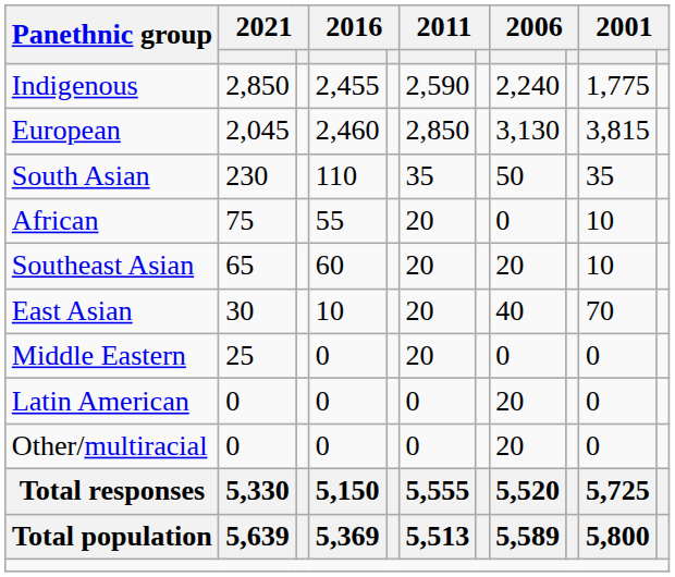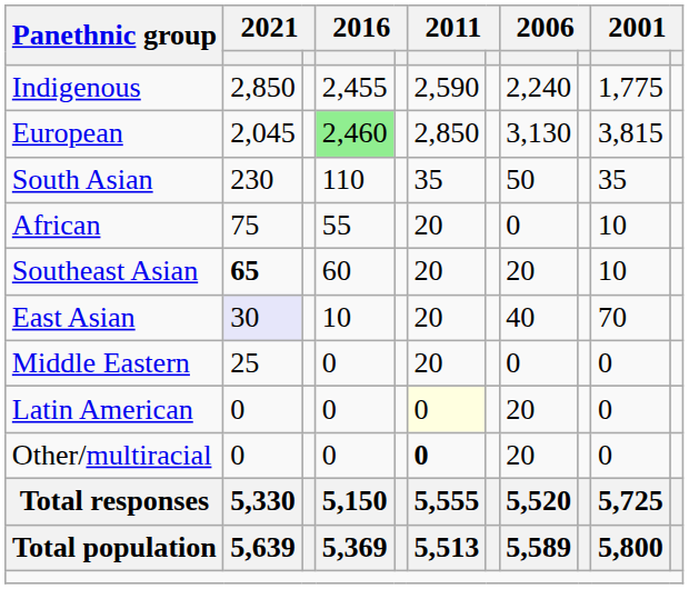 <table class="wikitable collapsible sortable">
 <tr>
 <th rowspan="2"><a href='#'>Panethnic</a> group</th>
 <th colspan="2">2021</th>
 <th colspan="2">2016</th>
 <th colspan="2">2011</th>
 <th colspan="2">2006</th>
 <th colspan="2">2001</th>
 </tr>
 <tr>
 <th><a href='#'></a></th>
 <th></th>
 <th></th>
 <th></th>
 <th></th>
 <th></th>
 <th></th>
 <th></th>
 <th></th>
 <th></th>
 </tr>
 <tr>
 <td><a href='#'>Indigenous</a></td>
 <td>2,850</td>
 <td></td>
 <td>2,455</td>
 <td></td>
 <td>2,590</td>
 <td></td>
 <td>2,240</td>
 <td></td>
 <td>1,775</td>
 <td></td>
 </tr>
 <tr>
 <td><a href='#'>European</a></td>
 <td>2,045</td>
 <td></td>
-<td>2,460</td>
+<td style="background: lightgreen;">2,460</td>
 <td></td>
 <td>2,850</td>
 <td></td>
 <td>3,130</td>
 <td></td>
 <td>3,815</td>
 <td></td>
 </tr>
 <tr>
 <td><a href='#'>South Asian</a></td>
 <td>230</td>
 <td></td>
 <td>110</td>
 <td></td>
 <td>35</td>
 <td></td>
 <td>50</td>
 <td></td>
 <td>35</td>
 <td></td>
 </tr>
 <tr>
 <td><a href='#'>African</a></td>
 <td>75</td>
 <td></td>
 <td>55</td>
 <td></td>
 <td>20</td>
 <td></td>
 <td>0</td>
 <td></td>
 <td>10</td>
 <td></td>
 </tr>
 <tr>
 <td><a href='#'>Southeast Asian</a></td>
-<td>65</td>
+<td><strong>65</strong></td>
 <td></td>
 <td>60</td>
 <td></td>
 <td>20</td>
 <td></td>
 <td>20</td>
 <td></td>
 <td>10</td>
 <td></td>
 </tr>
 <tr>
 <td><a href='#'>East Asian</a></td>
-<td>30</td>
+<td style="background: lavender;">30</td>
 <td></td>
 <td>10</td>
 <td></td>
 <td>20</td>
 <td></td>
 <td>40</td>
 <td></td>
 <td>70</td>
 <td></td>
 </tr>
 <tr>
 <td><a href='#'>Middle Eastern</a></td>
 <td>25</td>
 <td></td>
 <td>0</td>
 <td></td>
 <td>20</td>
 <td></td>
 <td>0</td>
 <td></td>
 <td>0</td>
 <td></td>
 </tr>
 <tr>
 <td><a href='#'>Latin American</a></td>
 <td>0</td>
 <td></td>
 <td>0</td>
 <td></td>
-<td>0</td>
+<td style="background: lightyellow;">0</td>
 <td></td>
 <td>20</td>
 <td></td>
 <td>0</td>
 <td></td>
 </tr>
 <tr>
 <td>Other/<a href='#'>multiracial</a></td>
 <td>0</td>
 <td></td>
 <td>0</td>
 <td></td>
-<td>0</td>
+<td><strong>0</strong></td>
 <td></td>
 <td>20</td>
 <td></td>
 <td>0</td>
 <td></td>
 </tr>
 <tr>
 <th>Total responses</th>
 <th>5,330</th>
 <th></th>
 <th>5,150</th>
 <th></th>
 <th>5,555</th>
 <th></th>
 <th>5,520</th>
 <th></th>
 <th>5,725</th>
 <th></th>
 </tr>
 <tr class="sortbottom">
 <th>Total population</th>
 <th>5,639</th>
 <th></th>
 <th>5,369</th>
 <th></th>
 <th>5,513</th>
 <th></th>
 <th>5,589</th>
 <th></th>
 <th>5,800</th>
 <th></th>
 </tr>
 <tr class="sortbottom">
 <td colspan="11"></td>
 </tr>
 </table>
